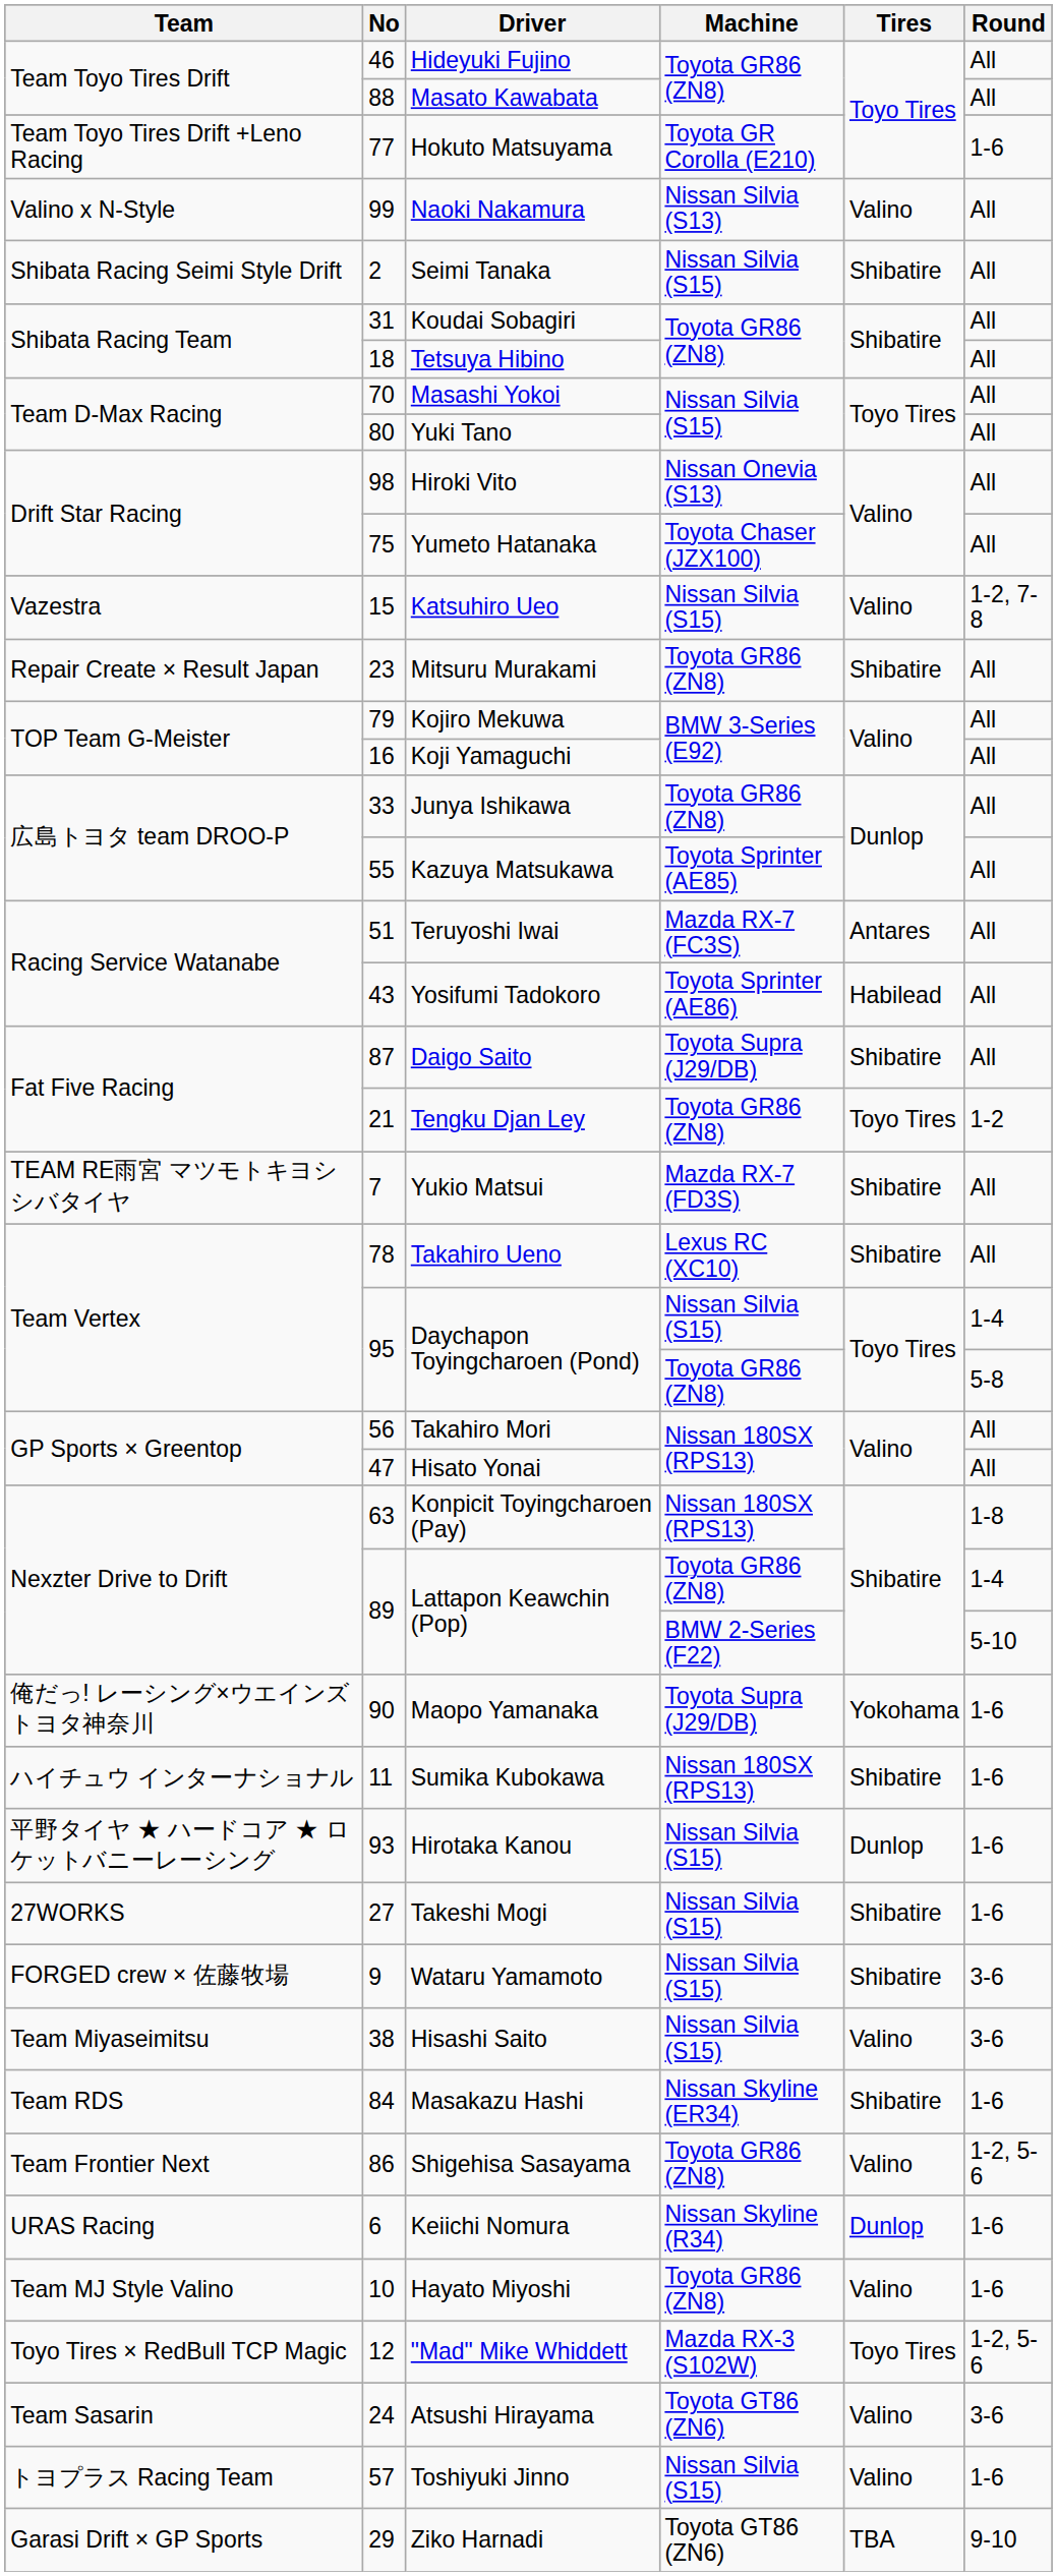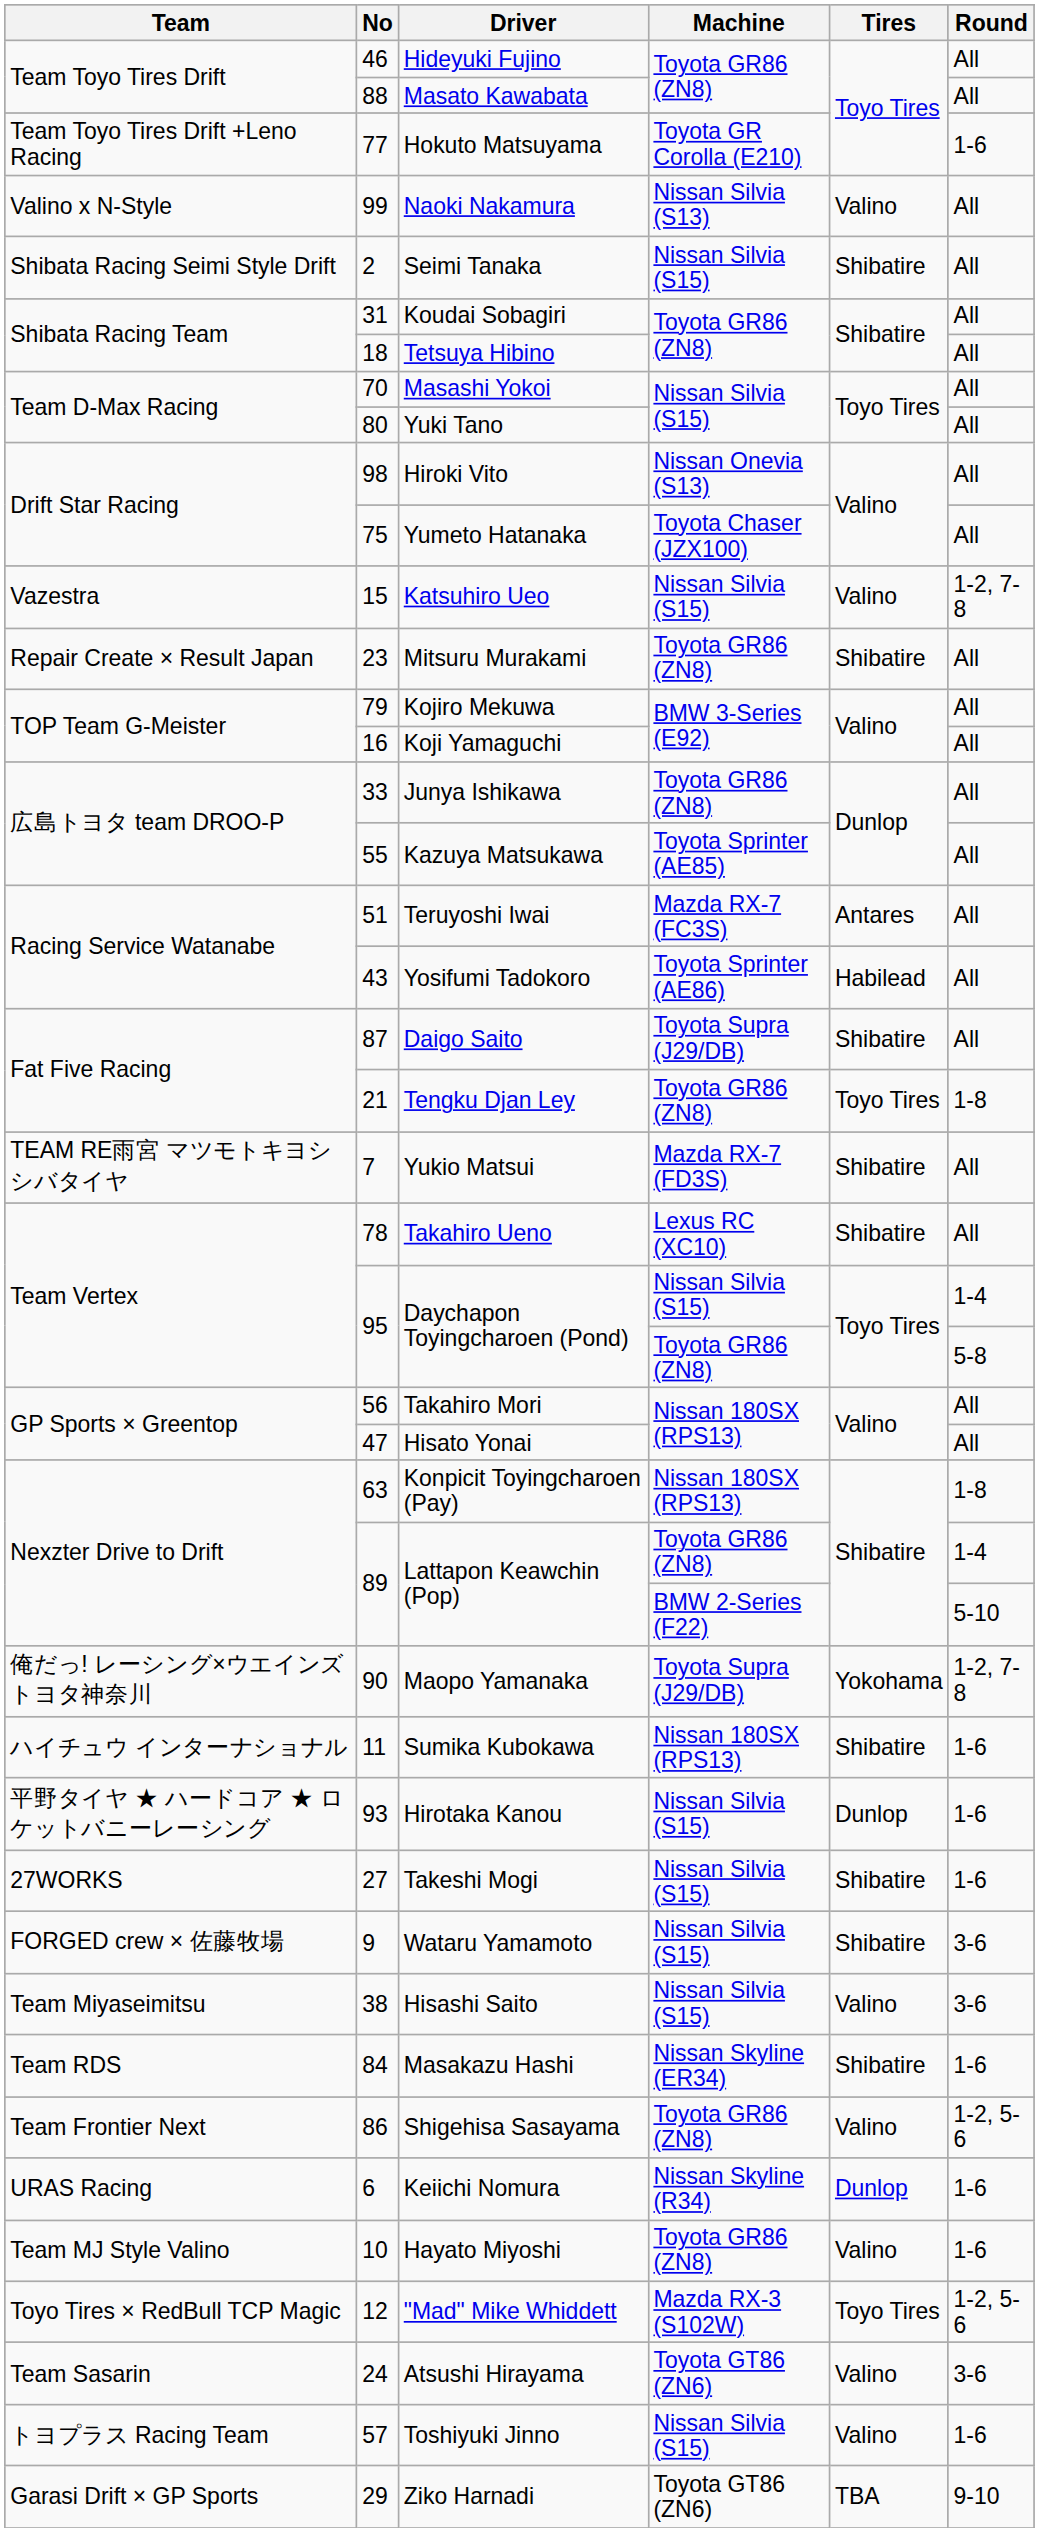 <table class="wikitable" style="font-size:85%">
 <tr>
 <th>Team</th>
 <th>No</th>
 <th>Driver</th>
 <th>Machine</th>
 <th>Tires</th>
 <th>Round</th>
 </tr>
 <tr>
 <td rowspan="2">Team Toyo Tires Drift</td>
 <td>46</td>
 <td> <a href='#'>Hideyuki Fujino</a></td>
 <td rowspan="2"><a href='#'>Toyota GR86 (ZN8)</a></td>
 <td rowspan="3"><a href='#'>Toyo Tires</a></td>
 <td>All</td>
 </tr>
 <tr>
 <td>88</td>
 <td> <a href='#'>Masato Kawabata</a></td>
 <td>All</td>
 </tr>
 <tr>
 <td>Team Toyo Tires Drift +Leno Racing</td>
 <td>77</td>
 <td> Hokuto Matsuyama</td>
 <td><a href='#'>Toyota GR Corolla (E210)</a></td>
 <td>1-6</td>
 </tr>
 <tr>
 <td>Valino x N-Style</td>
 <td>99</td>
 <td> <a href='#'>Naoki Nakamura</a></td>
 <td><a href='#'>Nissan Silvia (S13)</a></td>
 <td>Valino</td>
 <td>All</td>
 </tr>
 <tr>
 <td>Shibata Racing Seimi Style Drift</td>
 <td>2</td>
 <td> Seimi Tanaka</td>
 <td><a href='#'>Nissan Silvia (S15)</a></td>
 <td>Shibatire</td>
 <td>All</td>
 </tr>
 <tr>
 <td rowspan="2">Shibata Racing Team</td>
 <td>31</td>
 <td> Koudai Sobagiri</td>
 <td rowspan="2"><a href='#'>Toyota GR86 (ZN8)</a></td>
 <td rowspan="2">Shibatire</td>
 <td>All</td>
 </tr>
 <tr>
 <td>18</td>
 <td> <a href='#'>Tetsuya Hibino</a></td>
 <td>All</td>
 </tr>
 <tr>
 <td rowspan="2">Team D-Max Racing</td>
 <td>70</td>
 <td> <a href='#'>Masashi Yokoi</a></td>
 <td rowspan="2"><a href='#'>Nissan Silvia (S15)</a></td>
 <td rowspan="2">Toyo Tires</td>
 <td>All</td>
 </tr>
 <tr>
 <td>80</td>
 <td> Yuki Tano</td>
 <td>All</td>
 </tr>
 <tr>
 <td rowspan="2">Drift Star Racing</td>
 <td>98</td>
 <td> Hiroki Vito</td>
 <td><a href='#'>Nissan Onevia (S13)</a></td>
 <td rowspan="2">Valino</td>
 <td>All</td>
 </tr>
 <tr>
 <td>75</td>
 <td> Yumeto Hatanaka</td>
 <td><a href='#'>Toyota Chaser (JZX100)</a></td>
 <td>All</td>
 </tr>
 <tr>
 <td>Vazestra</td>
 <td>15</td>
 <td> <a href='#'>Katsuhiro Ueo</a></td>
 <td><a href='#'>Nissan Silvia (S15)</a></td>
 <td>Valino</td>
 <td>1-2, 7-8</td>
 </tr>
 <tr>
 <td>Repair Create × Result Japan</td>
 <td>23</td>
 <td> Mitsuru Murakami</td>
 <td><a href='#'>Toyota GR86 (ZN8)</a></td>
 <td>Shibatire</td>
 <td>All</td>
 </tr>
 <tr>
 <td rowspan="2">TOP Team G-Meister</td>
 <td>79</td>
 <td> Kojiro Mekuwa</td>
 <td rowspan="2"><a href='#'>BMW 3-Series (E92)</a></td>
 <td rowspan="2">Valino</td>
 <td>All</td>
 </tr>
 <tr>
 <td>16</td>
 <td> Koji Yamaguchi</td>
 <td>All</td>
 </tr>
 <tr>
 <td rowspan="2">広島トヨタ team DROO-P</td>
 <td>33</td>
 <td> Junya Ishikawa</td>
 <td><a href='#'>Toyota GR86 (ZN8)</a></td>
 <td rowspan="2">Dunlop</td>
 <td>All</td>
 </tr>
 <tr>
 <td>55</td>
 <td> Kazuya Matsukawa</td>
 <td><a href='#'>Toyota Sprinter (AE85)</a></td>
 <td>All</td>
 </tr>
 <tr>
 <td rowspan="2">Racing Service Watanabe</td>
 <td>51</td>
 <td> Teruyoshi Iwai</td>
 <td><a href='#'>Mazda RX-7 (FC3S)</a></td>
 <td>Antares</td>
 <td>All</td>
 </tr>
 <tr>
 <td>43</td>
 <td> Yosifumi Tadokoro</td>
 <td><a href='#'>Toyota Sprinter (AE86)</a></td>
 <td>Habilead</td>
 <td>All</td>
 </tr>
 <tr>
 <td rowspan="2">Fat Five Racing</td>
 <td>87</td>
 <td> <a href='#'>Daigo Saito</a></td>
 <td><a href='#'>Toyota Supra (J29/DB)</a></td>
 <td>Shibatire</td>
 <td>All</td>
 </tr>
 <tr>
 <td>21</td>
 <td> <a href='#'>Tengku Djan Ley</a></td>
 <td><a href='#'>Toyota GR86 (ZN8)</a></td>
 <td>Toyo Tires</td>
-<td>1-2</td>
+<td>1-8</td>
 </tr>
 <tr>
 <td>TEAM RE雨宮 マツモトキヨシ シバタイヤ</td>
 <td>7</td>
 <td> Yukio Matsui</td>
 <td><a href='#'>Mazda RX-7 (FD3S)</a></td>
 <td>Shibatire</td>
 <td>All</td>
 </tr>
 <tr>
 <td rowspan="3">Team Vertex</td>
 <td>78</td>
 <td> <a href='#'>Takahiro Ueno</a></td>
 <td><a href='#'>Lexus RC (XC10)</a></td>
 <td>Shibatire</td>
 <td>All</td>
 </tr>
 <tr>
 <td rowspan="2">95</td>
 <td rowspan="2"> Daychapon Toyingcharoen (Pond)</td>
 <td><a href='#'>Nissan Silvia (S15)</a></td>
 <td rowspan="2">Toyo Tires</td>
 <td>1-4</td>
 </tr>
 <tr>
 <td><a href='#'>Toyota GR86 (ZN8)</a></td>
 <td>5-8</td>
 </tr>
 <tr>
 <td rowspan="2">GP Sports × Greentop</td>
 <td>56</td>
 <td> Takahiro Mori</td>
 <td rowspan="2"><a href='#'>Nissan 180SX (RPS13)</a></td>
 <td rowspan="2">Valino</td>
 <td>All</td>
 </tr>
 <tr>
 <td>47</td>
 <td> Hisato Yonai</td>
 <td>All</td>
 </tr>
 <tr>
 <td rowspan="3">Nexzter Drive to Drift</td>
 <td>63</td>
 <td> Konpicit Toyingcharoen (Pay)</td>
 <td><a href='#'>Nissan 180SX (RPS13)</a></td>
 <td rowspan="3">Shibatire</td>
 <td>1-8</td>
 </tr>
 <tr>
 <td rowspan="2">89</td>
 <td rowspan="2"> Lattapon Keawchin (Pop)</td>
 <td><a href='#'>Toyota GR86 (ZN8)</a></td>
 <td>1-4</td>
 </tr>
 <tr>
 <td><a href='#'>BMW 2-Series (F22)</a></td>
 <td>5-10</td>
 </tr>
 <tr>
 <td>俺だっ! レーシング×ウエインズトヨタ神奈川</td>
 <td>90</td>
 <td> Maopo Yamanaka</td>
 <td><a href='#'>Toyota Supra (J29/DB)</a></td>
 <td>Yokohama</td>
-<td>1-6</td>
+<td>1-2, 7-8</td>
 </tr>
 <tr>
 <td>ハイチュウ インターナショナル</td>
 <td>11</td>
 <td> Sumika Kubokawa</td>
 <td><a href='#'>Nissan 180SX (RPS13)</a></td>
 <td>Shibatire</td>
 <td>1-6</td>
 </tr>
 <tr>
 <td>平野タイヤ ★ ハードコア ★ ロケットバニーレーシング</td>
 <td>93</td>
 <td> Hirotaka Kanou</td>
 <td><a href='#'>Nissan Silvia (S15)</a></td>
 <td>Dunlop</td>
 <td>1-6</td>
 </tr>
 <tr>
 <td>27WORKS</td>
 <td>27</td>
 <td> Takeshi Mogi</td>
 <td><a href='#'>Nissan Silvia (S15)</a></td>
 <td>Shibatire</td>
 <td>1-6</td>
 </tr>
 <tr>
 <td>FORGED crew × 佐藤牧場</td>
 <td>9</td>
 <td> Wataru Yamamoto</td>
 <td><a href='#'>Nissan Silvia (S15)</a></td>
 <td>Shibatire</td>
 <td>3-6</td>
 </tr>
 <tr>
 <td>Team Miyaseimitsu</td>
 <td>38</td>
 <td> Hisashi Saito</td>
 <td><a href='#'>Nissan Silvia (S15)</a></td>
 <td>Valino</td>
 <td>3-6</td>
 </tr>
 <tr>
 <td>Team RDS</td>
 <td>84</td>
 <td> Masakazu Hashi</td>
 <td><a href='#'>Nissan Skyline (ER34)</a></td>
 <td>Shibatire</td>
 <td>1-6</td>
 </tr>
 <tr>
 <td>Team Frontier Next</td>
 <td>86</td>
 <td> Shigehisa Sasayama</td>
 <td><a href='#'>Toyota GR86 (ZN8)</a></td>
 <td>Valino</td>
 <td>1-2, 5-6</td>
 </tr>
 <tr>
 <td>URAS Racing</td>
 <td>6</td>
 <td> Keiichi Nomura</td>
 <td><a href='#'>Nissan Skyline (R34)</a></td>
 <td><a href='#'>Dunlop</a></td>
 <td>1-6</td>
 </tr>
 <tr>
 <td>Team MJ Style Valino</td>
 <td>10</td>
 <td> Hayato Miyoshi</td>
 <td><a href='#'>Toyota GR86 (ZN8)</a></td>
 <td>Valino</td>
 <td>1-6</td>
 </tr>
 <tr>
 <td>Toyo Tires × RedBull TCP Magic</td>
 <td>12</td>
 <td> <a href='#'>"Mad" Mike Whiddett</a></td>
 <td><a href='#'>Mazda RX-3 (S102W)</a></td>
 <td>Toyo Tires</td>
 <td>1-2, 5-6</td>
 </tr>
 <tr>
 <td>Team Sasarin</td>
 <td>24</td>
 <td> Atsushi Hirayama</td>
 <td><a href='#'>Toyota GT86 (ZN6)</a></td>
 <td>Valino</td>
 <td>3-6</td>
 </tr>
 <tr>
 <td>トヨプラス Racing Team</td>
 <td>57</td>
 <td> Toshiyuki Jinno</td>
 <td><a href='#'>Nissan Silvia (S15)</a></td>
 <td>Valino</td>
 <td>1-6</td>
 </tr>
 <tr>
 <td>Garasi Drift × GP Sports</td>
 <td>29</td>
 <td> Ziko Harnadi</td>
 <td>Toyota GT86 (ZN6)</td>
 <td>TBA</td>
 <td>9-10</td>
 </tr>
 </table>
